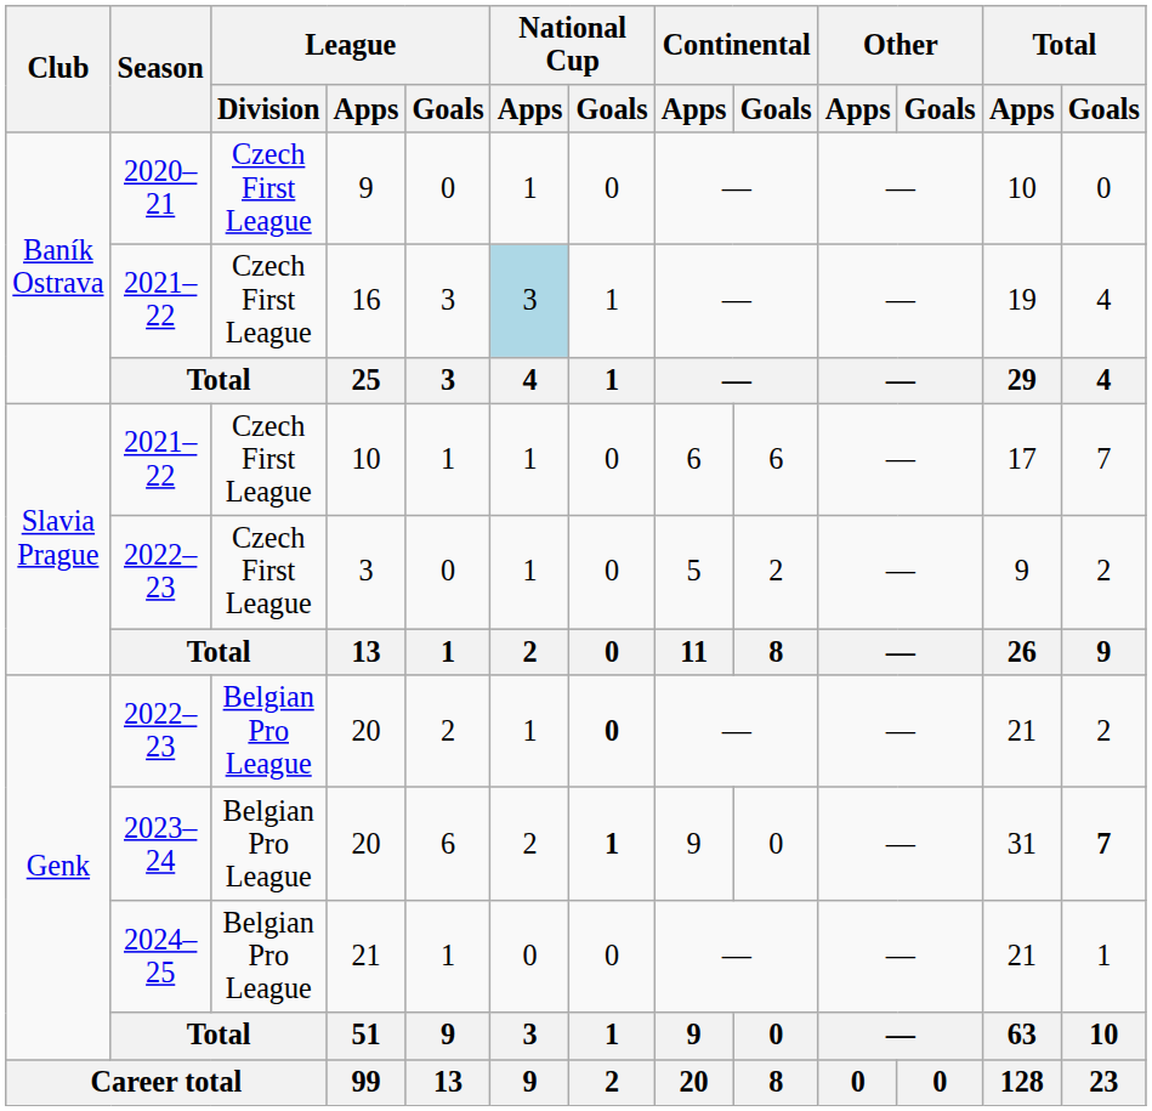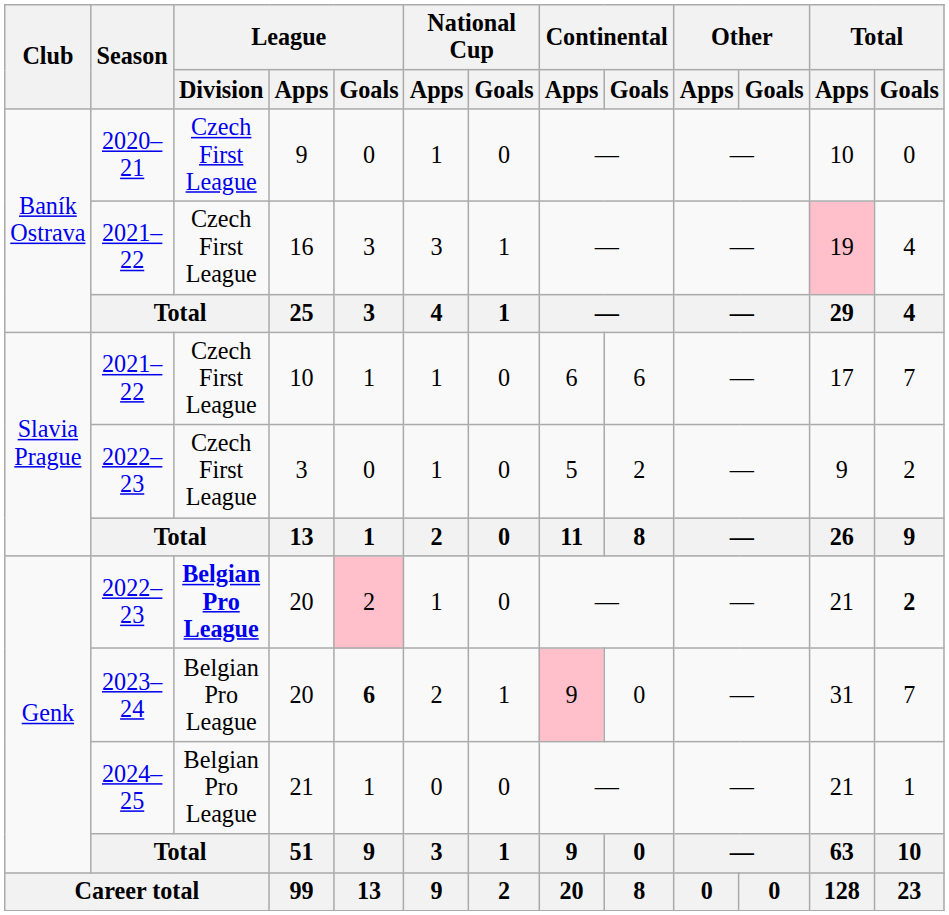 <table class="wikitable" style="text-align:center">
 <tr>
 <th rowspan="2">Club</th>
 <th rowspan="2">Season</th>
 <th colspan="3">League</th>
 <th colspan="2">National Cup</th>
 <th colspan="2">Continental</th>
 <th colspan="2">Other</th>
 <th colspan="2">Total</th>
 </tr>
 <tr>
 <th>Division</th>
 <th>Apps</th>
 <th>Goals</th>
 <th>Apps</th>
 <th>Goals</th>
 <th>Apps</th>
 <th>Goals</th>
 <th>Apps</th>
 <th>Goals</th>
 <th>Apps</th>
 <th>Goals</th>
 </tr>
 <tr>
 <td rowspan="3"><a href='#'>Baník Ostrava</a></td>
 <td><a href='#'>2020–21</a></td>
 <td><a href='#'>Czech First League</a></td>
 <td>9</td>
 <td>0</td>
 <td>1</td>
 <td>0</td>
 <td colspan="2">—</td>
 <td colspan="2">—</td>
 <td>10</td>
 <td>0</td>
 </tr>
 <tr>
 <td><a href='#'>2021–22</a></td>
 <td>Czech First League</td>
 <td>16</td>
 <td>3</td>
-<td style="background: lightblue;">3</td>
+<td>3</td>
 <td>1</td>
 <td colspan="2">—</td>
 <td colspan="2">—</td>
-<td>19</td>
+<td style="background: pink;">19</td>
 <td>4</td>
 </tr>
 <tr>
 <th colspan="2">Total</th>
 <th>25</th>
 <th>3</th>
 <th>4</th>
 <th>1</th>
 <th colspan="2">—</th>
 <th colspan="2">—</th>
 <th>29</th>
 <th>4</th>
 </tr>
 <tr>
 <td rowspan="3"><a href='#'>Slavia Prague</a></td>
 <td><a href='#'>2021–22</a></td>
 <td>Czech First League</td>
 <td>10</td>
 <td>1</td>
 <td>1</td>
 <td>0</td>
 <td>6</td>
 <td>6</td>
 <td colspan="2">—</td>
 <td>17</td>
 <td>7</td>
 </tr>
 <tr>
 <td><a href='#'>2022–23</a></td>
 <td>Czech First League</td>
 <td>3</td>
 <td>0</td>
 <td>1</td>
 <td>0</td>
 <td>5</td>
 <td>2</td>
 <td colspan="2">—</td>
 <td>9</td>
 <td>2</td>
 </tr>
 <tr>
 <th colspan="2">Total</th>
 <th>13</th>
 <th>1</th>
 <th>2</th>
 <th>0</th>
 <th>11</th>
 <th>8</th>
 <th colspan="2">—</th>
 <th>26</th>
 <th>9</th>
 </tr>
 <tr>
 <td rowspan="4"><a href='#'>Genk</a></td>
 <td><a href='#'>2022–23</a></td>
-<td><a href='#'>Belgian Pro League</a></td>
+<td><strong><a href='#'>Belgian Pro League</a></strong></td>
 <td>20</td>
-<td>2</td>
+<td style="background: pink;">2</td>
 <td>1</td>
-<td><strong>0</strong></td>
+<td>0</td>
 <td colspan="2">—</td>
 <td colspan="2">—</td>
 <td>21</td>
-<td>2</td>
+<td><strong>2</strong></td>
 </tr>
 <tr>
 <td><a href='#'>2023–24</a></td>
 <td>Belgian Pro League</td>
 <td>20</td>
-<td>6</td>
+<td><strong>6</strong></td>
 <td>2</td>
-<td><strong>1</strong></td>
-<td>9</td>
+<td>1</td>
+<td style="background: pink;">9</td>
 <td>0</td>
 <td colspan="2">—</td>
 <td>31</td>
-<td><strong>7</strong></td>
+<td>7</td>
 </tr>
 <tr>
 <td><a href='#'>2024–25</a></td>
 <td>Belgian Pro League</td>
 <td>21</td>
 <td>1</td>
 <td>0</td>
 <td>0</td>
 <td colspan="2">—</td>
 <td colspan="2">—</td>
 <td>21</td>
 <td>1</td>
 </tr>
 <tr>
 <th colspan="2">Total</th>
 <th>51</th>
 <th>9</th>
 <th>3</th>
 <th>1</th>
 <th>9</th>
 <th>0</th>
 <th colspan="2">—</th>
 <th>63</th>
 <th>10</th>
 </tr>
 <tr>
 <th colspan="3">Career total</th>
 <th>99</th>
 <th>13</th>
 <th>9</th>
 <th>2</th>
 <th>20</th>
 <th>8</th>
 <th>0</th>
 <th>0</th>
 <th>128</th>
 <th>23</th>
 </tr>
 </table>
